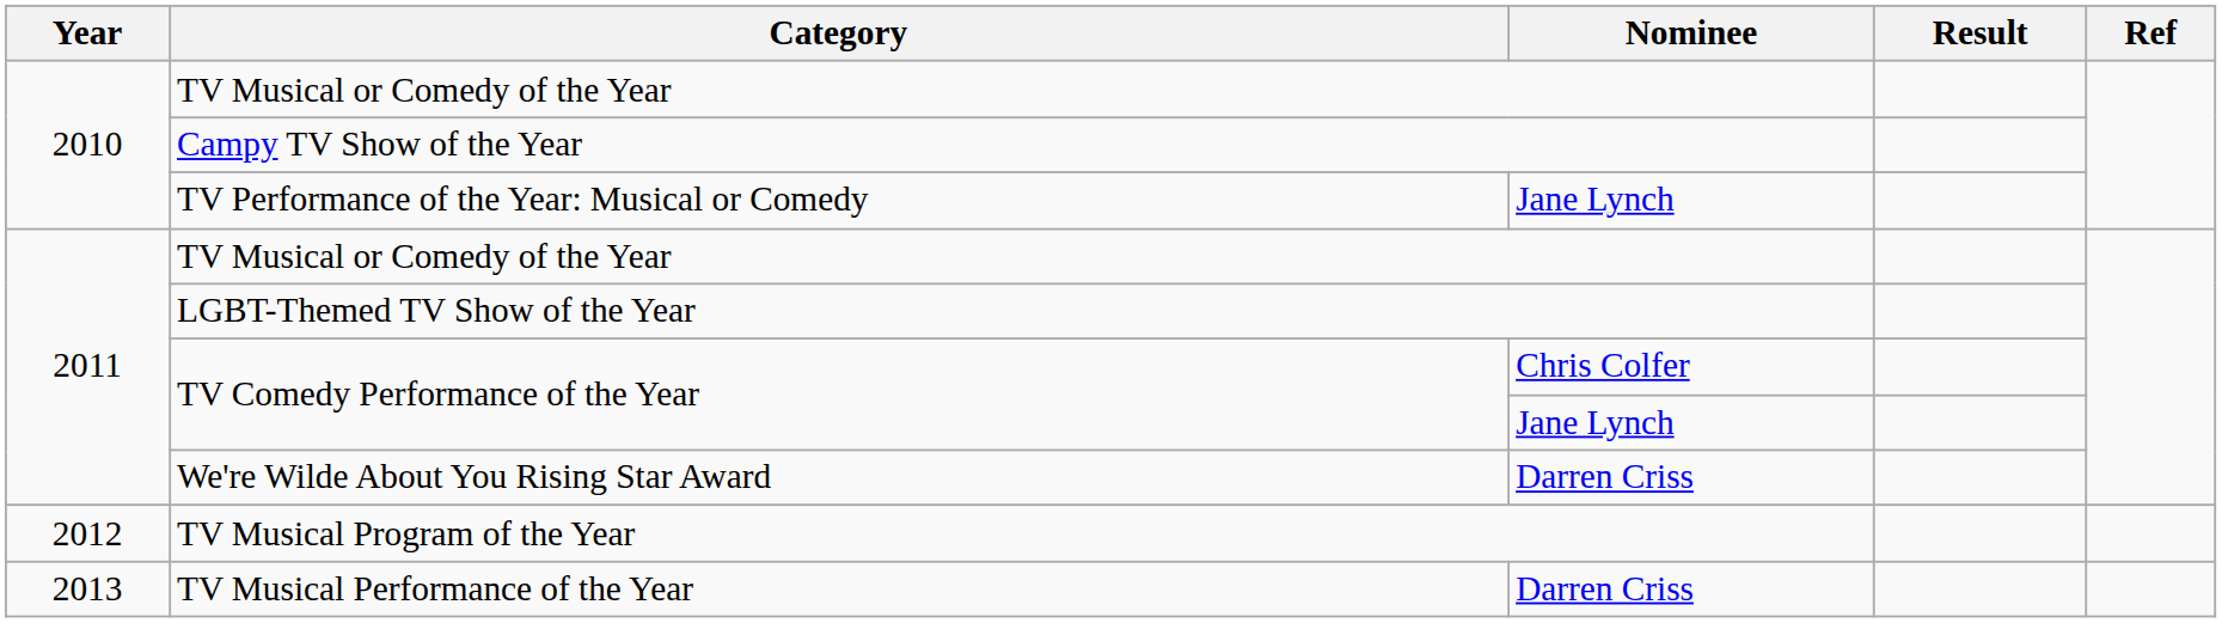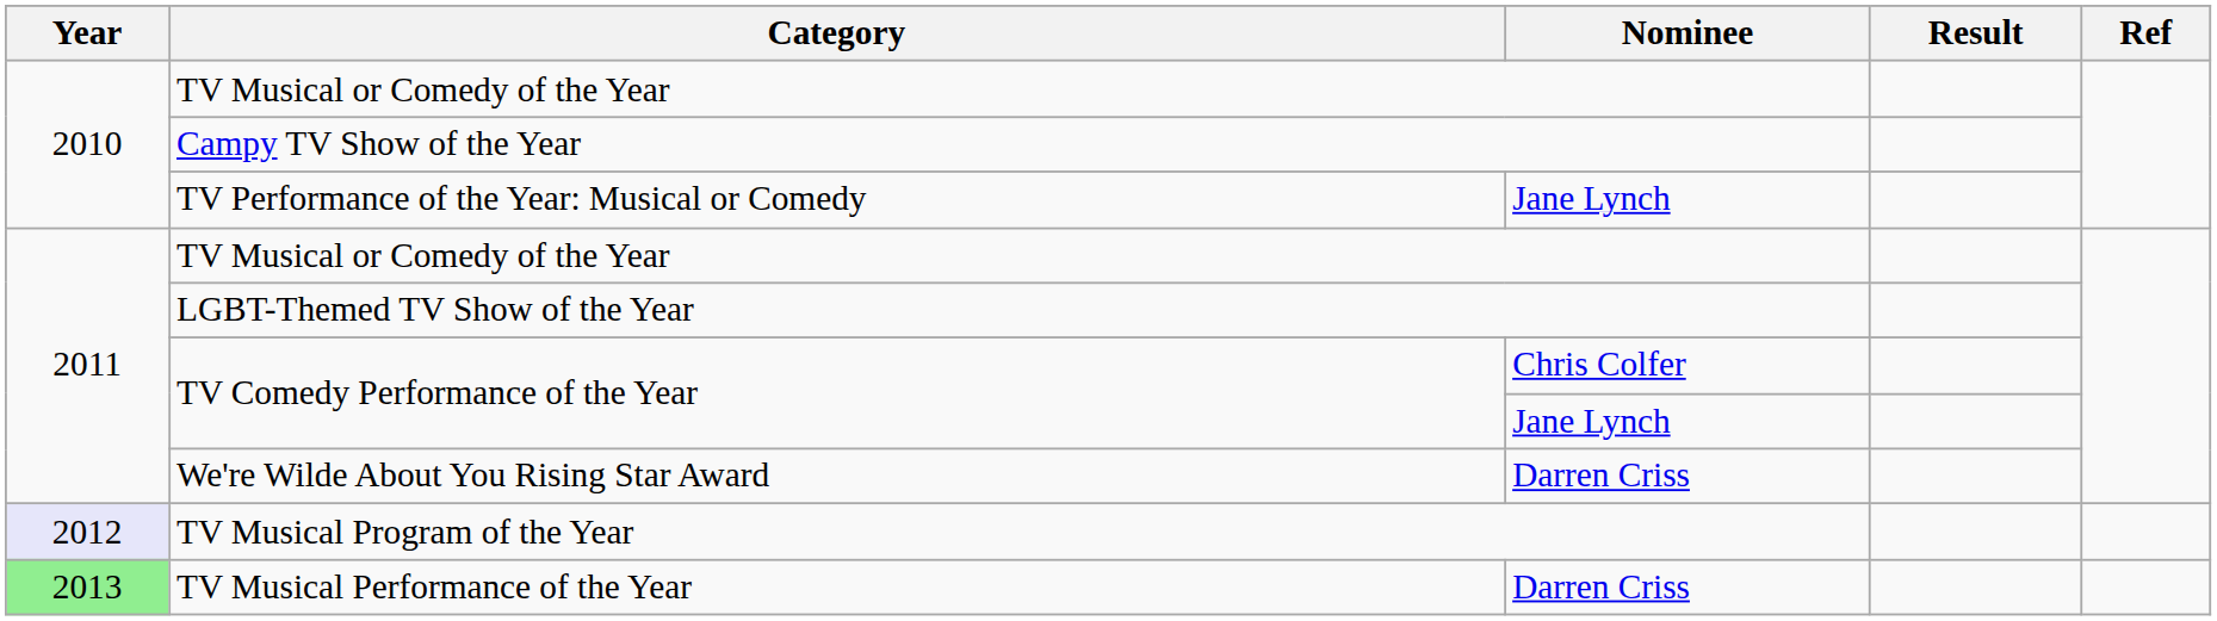 <table class="wikitable" width=80%>
 <tr>
 <th>Year</th>
 <th>Category</th>
 <th>Nominee</th>
 <th>Result</th>
 <th>Ref</th>
 </tr>
 <tr>
 <td rowspan="3" align="center">2010</td>
 <td colspan="2">TV Musical or Comedy of the Year</td>
 <td></td>
 <td rowspan="3" align="center"></td>
 </tr>
 <tr>
 <td colspan="2"><a href='#'>Campy</a> TV Show of the Year</td>
 <td></td>
 </tr>
 <tr>
 <td>TV Performance of the Year: Musical or Comedy</td>
 <td><a href='#'>Jane Lynch</a></td>
 <td></td>
 </tr>
 <tr>
 <td rowspan="5" align="center">2011</td>
 <td colspan="2">TV Musical or Comedy of the Year</td>
 <td></td>
 <td rowspan="5" align="center"></td>
 </tr>
 <tr>
 <td colspan="2">LGBT-Themed TV Show of the Year</td>
 <td></td>
 </tr>
 <tr>
 <td rowspan="2">TV Comedy Performance of the Year</td>
 <td><a href='#'>Chris Colfer</a></td>
 <td></td>
 </tr>
 <tr>
 <td><a href='#'>Jane Lynch</a></td>
 <td></td>
 </tr>
 <tr>
 <td>We're Wilde About You Rising Star Award</td>
 <td><a href='#'>Darren Criss</a></td>
 <td></td>
 </tr>
 <tr>
-<td align="center">2012</td>
+<td align="center" style="background: lavender;">2012</td>
 <td colspan="2">TV Musical Program of the Year</td>
 <td></td>
 <td align="center"></td>
 </tr>
 <tr>
-<td align="center">2013</td>
+<td align="center" style="background: lightgreen;">2013</td>
 <td>TV Musical Performance of the Year</td>
 <td><a href='#'>Darren Criss</a></td>
 <td></td>
 <td align="center"></td>
 </tr>
 </table>
